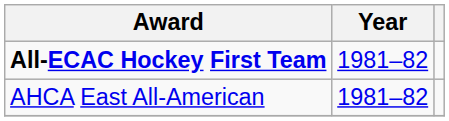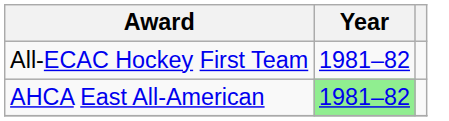 <table class="wikitable">
 <tr>
 <th>Award</th>
 <th>Year</th>
 <th></th>
 </tr>
 <tr>
-<td><strong>All-<a href='#'>ECAC Hockey</a> <a href='#'>First Team</a></strong></td>
+<td>All-<a href='#'>ECAC Hockey</a> <a href='#'>First Team</a></td>
 <td><a href='#'>1981–82</a></td>
 <td></td>
 </tr>
 <tr>
 <td><a href='#'>AHCA</a> <a href='#'>East All-American</a></td>
-<td><a href='#'>1981–82</a></td>
+<td style="background: lightgreen;"><a href='#'>1981–82</a></td>
 <td></td>
 </tr>
 <tr>
 </tr>
 </table>
